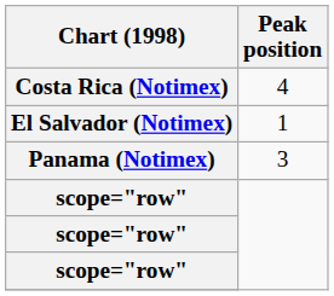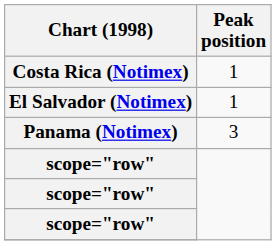 <table class="wikitable sortable plainrowheaders" style="text-align:center">
 <tr>
 <th>Chart (1998)</th>
 <th>Peak<br>position</th>
 </tr>
 <tr>
 <th scope="row">Costa Rica (<a href='#'>Notimex</a>)</th>
-<td>4</td>
+<td>1</td>
 </tr>
 <tr>
 <th scope="row">El Salvador (<a href='#'>Notimex</a>)</th>
 <td>1</td>
 </tr>
 <tr>
 <th scope="row">Panama (<a href='#'>Notimex</a>)</th>
 <td>3</td>
 </tr>
 <tr>
 <th>scope="row" </th>
 </tr>
 <tr>
 <th>scope="row" </th>
 </tr>
 <tr>
 <th>scope="row" </th>
 </tr>
 <tr>
 </tr>
 </table>
